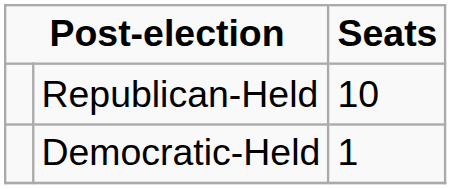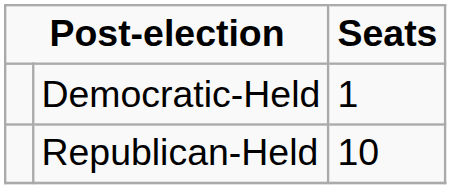 <table class= "wikitable">
 <tr>
 <td colspan= "2" rowspan= "1" align= "center" valign= "top"><strong>Post-election</strong></td>
 <td valign= "top"><strong>Seats</strong><br></td>
 </tr>
 <tr>
 <td style="background-color:"> </td>
+<td>Democratic-Held</td>
+<td>1</td>
+</tr>
+<tr>
+<td style="background-color:"> </td>
 <td>Republican-Held</td>
 <td>10</td>
 </tr>
 <tr>
-<td style="background-color:"> </td>
-<td>Democratic-Held</td>
-<td>1</td>
-</tr>
-<tr>
 </tr>
 </table>
